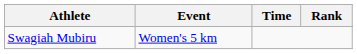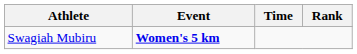 <table class="wikitable" style="text-align:center; font-size:90%; width:30%;">
 <tr>
 <th>Athlete</th>
 <th>Event</th>
 <th>Time</th>
 <th>Rank</th>
 </tr>
 <tr>
 <td align=left><a href='#'>Swagiah Mubiru</a></td>
-<td align=left><a href='#'>Women's 5 km</a></td>
+<td align=left><strong><a href='#'>Women's 5 km</a></strong></td>
 <td colspan=2></td>
 </tr>
 </table>
